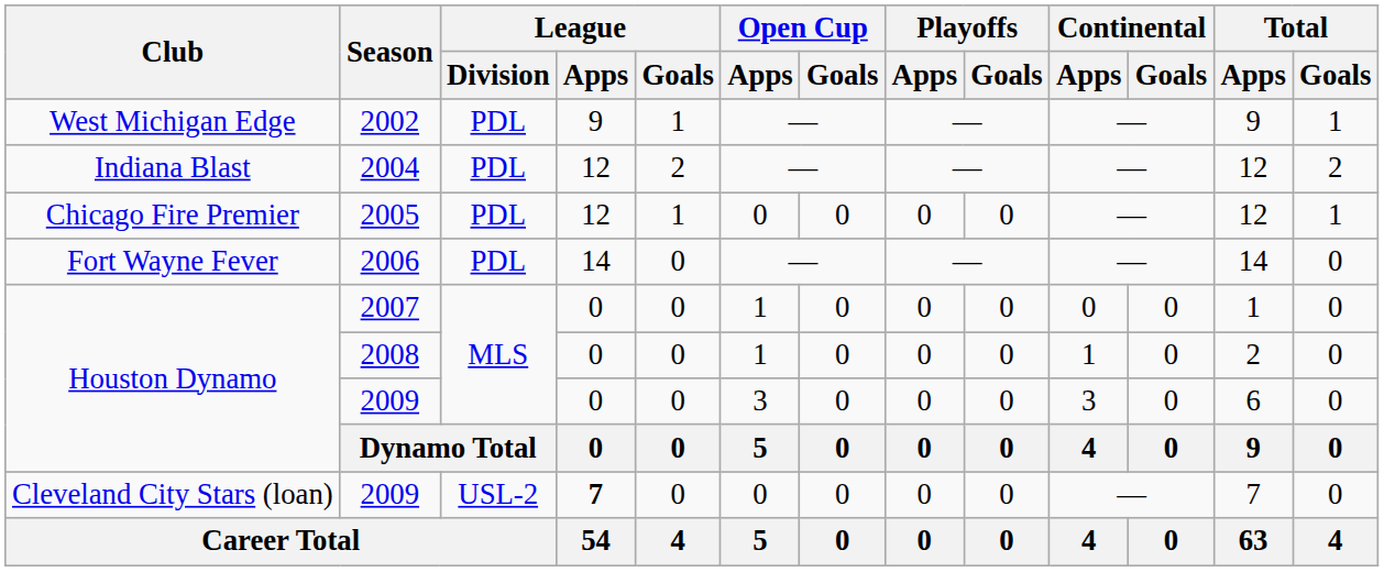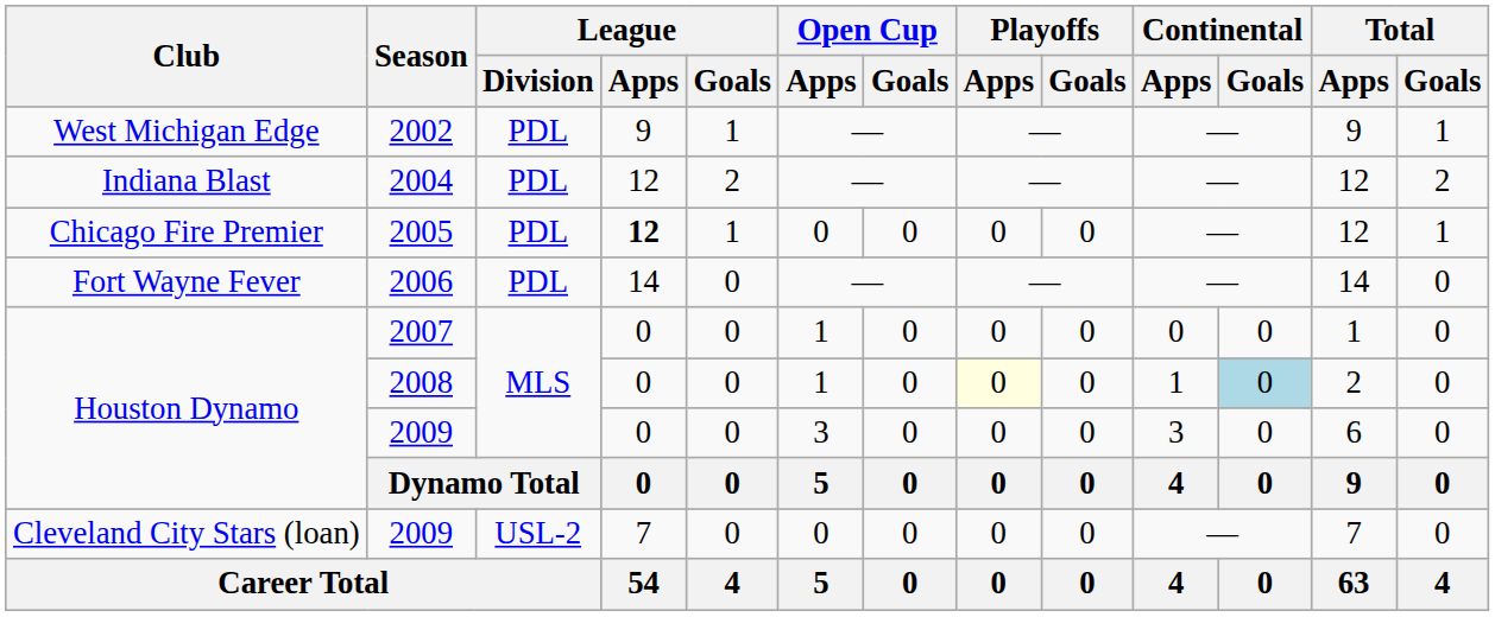 <table class="wikitable" style="text-align:center">
 <tr>
 <th rowspan="2">Club</th>
 <th rowspan="2">Season</th>
 <th colspan="3">League</th>
 <th colspan="2"><a href='#'>Open Cup</a></th>
 <th colspan="2">Playoffs</th>
 <th colspan="2">Continental</th>
 <th colspan="2">Total</th>
 </tr>
 <tr>
 <th>Division</th>
 <th>Apps</th>
 <th>Goals</th>
 <th>Apps</th>
 <th>Goals</th>
 <th>Apps</th>
 <th>Goals</th>
 <th>Apps</th>
 <th>Goals</th>
 <th>Apps</th>
 <th>Goals</th>
 </tr>
 <tr>
 <td><a href='#'>West Michigan Edge</a></td>
 <td><a href='#'>2002</a></td>
 <td><a href='#'>PDL</a></td>
 <td>9</td>
 <td>1</td>
 <td colspan="2">—</td>
 <td colspan="2">—</td>
 <td colspan="2">—</td>
 <td>9</td>
 <td>1</td>
 </tr>
 <tr>
 <td><a href='#'>Indiana Blast</a></td>
 <td><a href='#'>2004</a></td>
 <td><a href='#'>PDL</a></td>
 <td>12</td>
 <td>2</td>
 <td colspan="2">—</td>
 <td colspan="2">—</td>
 <td colspan="2">—</td>
 <td>12</td>
 <td>2</td>
 </tr>
 <tr>
 <td><a href='#'>Chicago Fire Premier</a></td>
 <td><a href='#'>2005</a></td>
 <td><a href='#'>PDL</a></td>
-<td>12</td>
+<td><strong>12</strong></td>
 <td>1</td>
 <td>0</td>
 <td>0</td>
 <td>0</td>
 <td>0</td>
 <td colspan="2">—</td>
 <td>12</td>
 <td>1</td>
 </tr>
 <tr>
 <td><a href='#'>Fort Wayne Fever</a></td>
 <td><a href='#'>2006</a></td>
 <td><a href='#'>PDL</a></td>
 <td>14</td>
 <td>0</td>
 <td colspan="2">—</td>
 <td colspan="2">—</td>
 <td colspan="2">—</td>
 <td>14</td>
 <td>0</td>
 </tr>
 <tr>
 <td rowspan="4"><a href='#'>Houston Dynamo</a></td>
 <td><a href='#'>2007</a></td>
 <td rowspan="3"><a href='#'>MLS</a></td>
 <td>0</td>
 <td>0</td>
 <td>1</td>
 <td>0</td>
 <td>0</td>
 <td>0</td>
 <td>0</td>
 <td>0</td>
 <td>1</td>
 <td>0</td>
 </tr>
 <tr>
 <td><a href='#'>2008</a></td>
 <td>0</td>
 <td>0</td>
 <td>1</td>
 <td>0</td>
-<td>0</td>
+<td style="background: lightyellow;">0</td>
 <td>0</td>
 <td>1</td>
-<td>0</td>
+<td style="background: lightblue;">0</td>
 <td>2</td>
 <td>0</td>
 </tr>
 <tr>
 <td><a href='#'>2009</a></td>
 <td>0</td>
 <td>0</td>
 <td>3</td>
 <td>0</td>
 <td>0</td>
 <td>0</td>
 <td>3</td>
 <td>0</td>
 <td>6</td>
 <td>0</td>
 </tr>
 <tr>
 <th colspan="2">Dynamo Total</th>
 <th>0</th>
 <th>0</th>
 <th>5</th>
 <th>0</th>
 <th>0</th>
 <th>0</th>
 <th>4</th>
 <th>0</th>
 <th>9</th>
 <th>0</th>
 </tr>
 <tr>
 <td><a href='#'>Cleveland City Stars</a> (loan)</td>
 <td><a href='#'>2009</a></td>
 <td><a href='#'>USL-2</a></td>
-<td><strong>7</strong></td>
+<td>7</td>
 <td>0</td>
 <td>0</td>
 <td>0</td>
 <td>0</td>
 <td>0</td>
 <td colspan="2">—</td>
 <td>7</td>
 <td>0</td>
 </tr>
 <tr>
 <th colspan="3">Career Total</th>
 <th>54</th>
 <th>4</th>
 <th>5</th>
 <th>0</th>
 <th>0</th>
 <th>0</th>
 <th>4</th>
 <th>0</th>
 <th>63</th>
 <th>4</th>
 </tr>
 </table>
